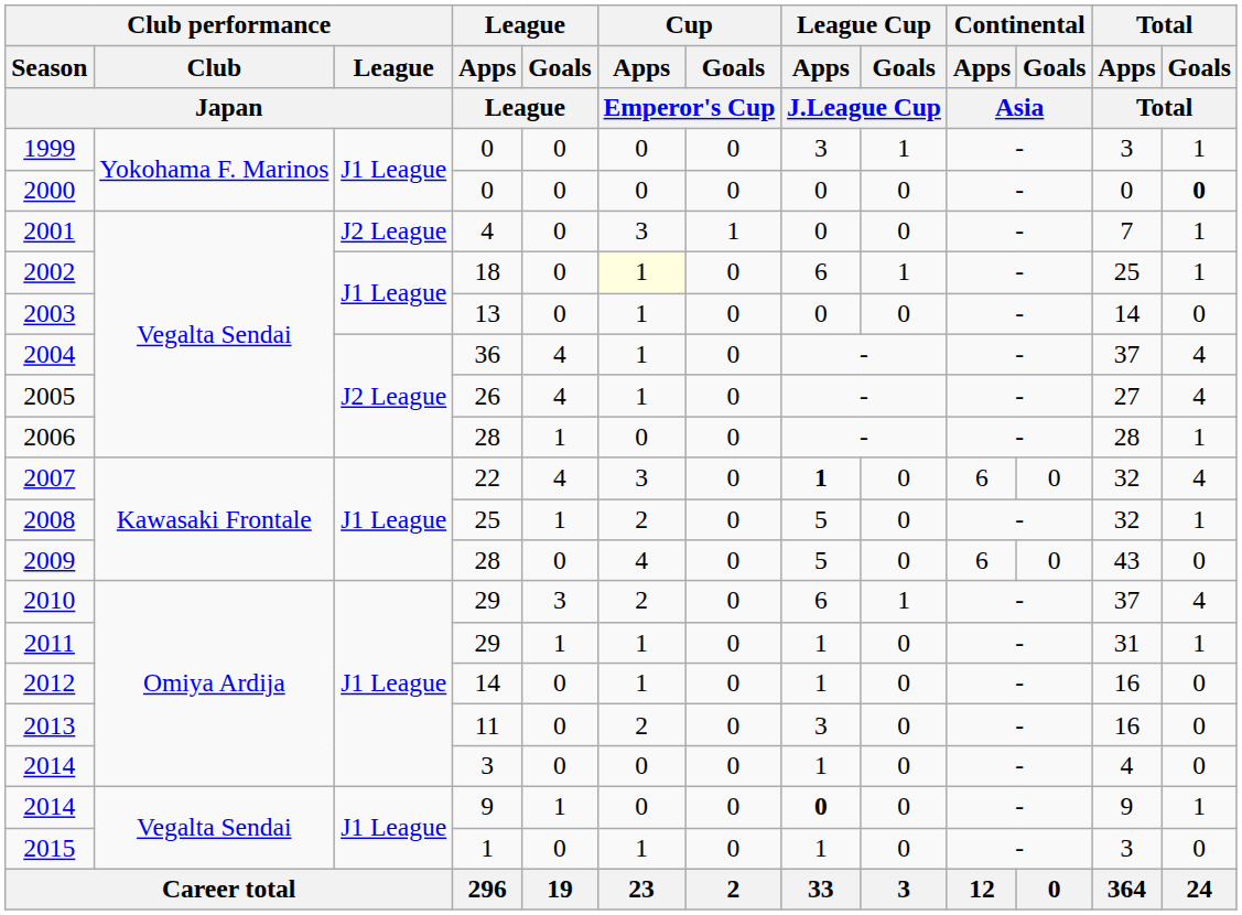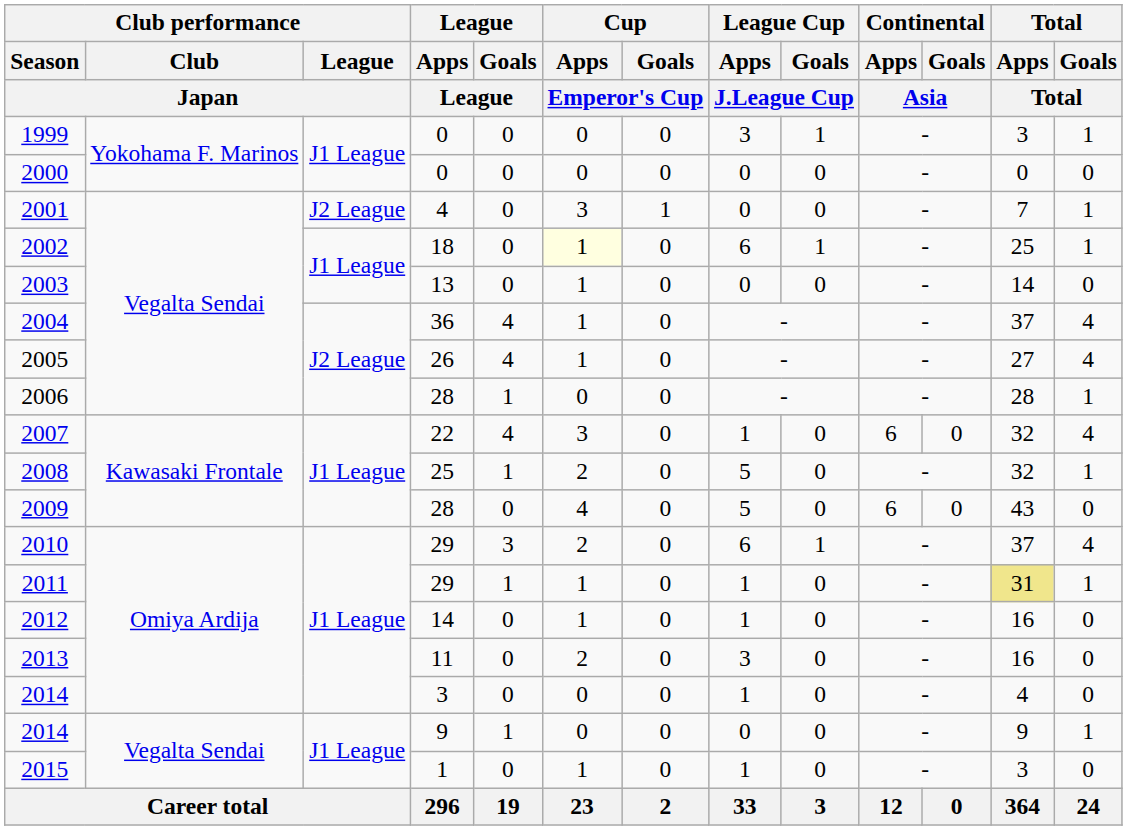 <table class="wikitable" style="text-align:center">
 <tr>
 <th colspan=3>Club performance</th>
 <th colspan=2>League</th>
 <th colspan=2>Cup</th>
 <th colspan=2>League Cup</th>
 <th colspan=2>Continental</th>
 <th colspan=2>Total</th>
 </tr>
 <tr>
 <th>Season</th>
 <th>Club</th>
 <th>League</th>
 <th>Apps</th>
 <th>Goals</th>
 <th>Apps</th>
 <th>Goals</th>
 <th>Apps</th>
 <th>Goals</th>
 <th>Apps</th>
 <th>Goals</th>
 <th>Apps</th>
 <th>Goals</th>
 </tr>
 <tr>
 <th colspan=3>Japan</th>
 <th colspan=2>League</th>
 <th colspan=2><a href='#'>Emperor's Cup</a></th>
 <th colspan=2><a href='#'>J.League Cup</a></th>
 <th colspan=2><a href='#'>Asia</a></th>
 <th colspan=2>Total</th>
 </tr>
 <tr>
 <td><a href='#'>1999</a></td>
 <td rowspan="2"><a href='#'>Yokohama F. Marinos</a></td>
 <td rowspan="2"><a href='#'>J1 League</a></td>
 <td>0</td>
 <td>0</td>
 <td>0</td>
 <td>0</td>
 <td>3</td>
 <td>1</td>
 <td colspan="2">-</td>
 <td>3</td>
 <td>1</td>
 </tr>
 <tr>
 <td><a href='#'>2000</a></td>
 <td>0</td>
 <td>0</td>
 <td>0</td>
 <td>0</td>
 <td>0</td>
 <td>0</td>
 <td colspan="2">-</td>
 <td>0</td>
-<td><strong>0</strong></td>
+<td>0</td>
 </tr>
 <tr>
 <td><a href='#'>2001</a></td>
 <td rowspan="6"><a href='#'>Vegalta Sendai</a></td>
 <td><a href='#'>J2 League</a></td>
 <td>4</td>
 <td>0</td>
 <td>3</td>
 <td>1</td>
 <td>0</td>
 <td>0</td>
 <td colspan="2">-</td>
 <td>7</td>
 <td>1</td>
 </tr>
 <tr>
 <td><a href='#'>2002</a></td>
 <td rowspan="2"><a href='#'>J1 League</a></td>
 <td>18</td>
 <td>0</td>
 <td style="background: lightyellow;">1</td>
 <td>0</td>
 <td>6</td>
 <td>1</td>
 <td colspan="2">-</td>
 <td>25</td>
 <td>1</td>
 </tr>
 <tr>
 <td><a href='#'>2003</a></td>
 <td>13</td>
 <td>0</td>
 <td>1</td>
 <td>0</td>
 <td>0</td>
 <td>0</td>
 <td colspan="2">-</td>
 <td>14</td>
 <td>0</td>
 </tr>
 <tr>
 <td><a href='#'>2004</a></td>
 <td rowspan="3"><a href='#'>J2 League</a></td>
 <td>36</td>
 <td>4</td>
 <td>1</td>
 <td>0</td>
 <td colspan="2">-</td>
 <td colspan="2">-</td>
 <td>37</td>
 <td>4</td>
 </tr>
 <tr>
 <td>2005</td>
 <td>26</td>
 <td>4</td>
 <td>1</td>
 <td>0</td>
 <td colspan="2">-</td>
 <td colspan="2">-</td>
 <td>27</td>
 <td>4</td>
 </tr>
 <tr>
 <td>2006</td>
 <td>28</td>
 <td>1</td>
 <td>0</td>
 <td>0</td>
 <td colspan="2">-</td>
 <td colspan="2">-</td>
 <td>28</td>
 <td>1</td>
 </tr>
 <tr>
 <td><a href='#'>2007</a></td>
 <td rowspan="3"><a href='#'>Kawasaki Frontale</a></td>
 <td rowspan="3"><a href='#'>J1 League</a></td>
 <td>22</td>
 <td>4</td>
 <td>3</td>
 <td>0</td>
-<td><strong>1</strong></td>
+<td>1</td>
 <td>0</td>
 <td>6</td>
 <td>0</td>
 <td>32</td>
 <td>4</td>
 </tr>
 <tr>
 <td><a href='#'>2008</a></td>
 <td>25</td>
 <td>1</td>
 <td>2</td>
 <td>0</td>
 <td>5</td>
 <td>0</td>
 <td colspan="2">-</td>
 <td>32</td>
 <td>1</td>
 </tr>
 <tr>
 <td><a href='#'>2009</a></td>
 <td>28</td>
 <td>0</td>
 <td>4</td>
 <td>0</td>
 <td>5</td>
 <td>0</td>
 <td>6</td>
 <td>0</td>
 <td>43</td>
 <td>0</td>
 </tr>
 <tr>
 <td><a href='#'>2010</a></td>
 <td rowspan="5"><a href='#'>Omiya Ardija</a></td>
 <td rowspan="5"><a href='#'>J1 League</a></td>
 <td>29</td>
 <td>3</td>
 <td>2</td>
 <td>0</td>
 <td>6</td>
 <td>1</td>
 <td colspan="2">-</td>
 <td>37</td>
 <td>4</td>
 </tr>
 <tr>
 <td><a href='#'>2011</a></td>
 <td>29</td>
 <td>1</td>
 <td>1</td>
 <td>0</td>
 <td>1</td>
 <td>0</td>
 <td colspan="2">-</td>
-<td>31</td>
+<td style="background: khaki;">31</td>
 <td>1</td>
 </tr>
 <tr>
 <td><a href='#'>2012</a></td>
 <td>14</td>
 <td>0</td>
 <td>1</td>
 <td>0</td>
 <td>1</td>
 <td>0</td>
 <td colspan="2">-</td>
 <td>16</td>
 <td>0</td>
 </tr>
 <tr>
 <td><a href='#'>2013</a></td>
 <td>11</td>
 <td>0</td>
 <td>2</td>
 <td>0</td>
 <td>3</td>
 <td>0</td>
 <td colspan="2">-</td>
 <td>16</td>
 <td>0</td>
 </tr>
 <tr>
 <td><a href='#'>2014</a></td>
 <td>3</td>
 <td>0</td>
 <td>0</td>
 <td>0</td>
 <td>1</td>
 <td>0</td>
 <td colspan="2">-</td>
 <td>4</td>
 <td>0</td>
 </tr>
 <tr>
 <td><a href='#'>2014</a></td>
 <td rowspan="2"><a href='#'>Vegalta Sendai</a></td>
 <td rowspan="2"><a href='#'>J1 League</a></td>
 <td>9</td>
 <td>1</td>
 <td>0</td>
 <td>0</td>
-<td><strong>0</strong></td>
+<td>0</td>
 <td>0</td>
 <td colspan="2">-</td>
 <td>9</td>
 <td>1</td>
 </tr>
 <tr>
 <td><a href='#'>2015</a></td>
 <td>1</td>
 <td>0</td>
 <td>1</td>
 <td>0</td>
 <td>1</td>
 <td>0</td>
 <td colspan="2">-</td>
 <td>3</td>
 <td>0</td>
 </tr>
 <tr>
 <th colspan=3>Career total</th>
 <th>296</th>
 <th>19</th>
 <th>23</th>
 <th>2</th>
 <th>33</th>
 <th>3</th>
 <th>12</th>
 <th>0</th>
 <th>364</th>
 <th>24</th>
 </tr>
 </table>
